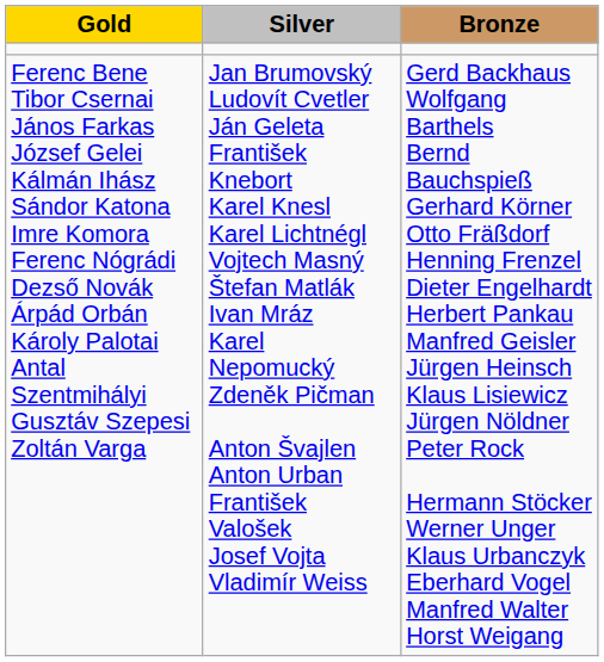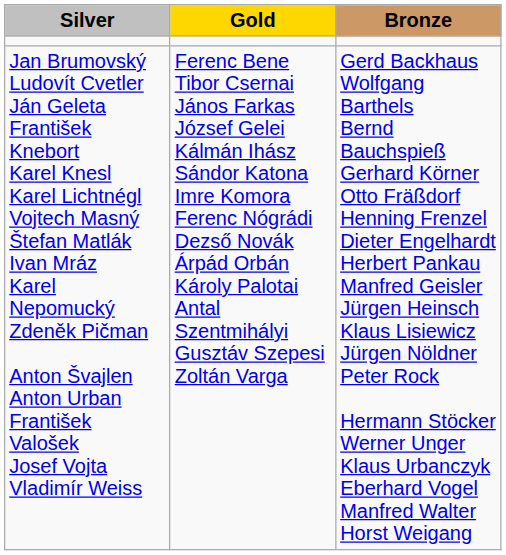 <table class="wikitable">
 <tr style="text-align:center;">
+<td ! style="background:silver; width:125px;"><strong>Silver</strong></td>
 <td ! style="background:gold; width:125px;"><strong>Gold</strong></td>
-<td ! style="background:silver; width:125px;"><strong>Silver</strong></td>
 <td ! style="background:#c96; width:125px;"><strong>Bronze</strong></td>
 </tr>
 <tr>
 <td></td>
 <td></td>
 <td></td>
 </tr>
 <tr>
+<td style="vertical-align:top"><a href='#'>Jan Brumovský</a><br> <a href='#'>Ludovít Cvetler</a><br> <a href='#'>Ján Geleta</a><br> <a href='#'>František Knebort</a><br> <a href='#'>Karel Knesl</a><br> <a href='#'>Karel Lichtnégl</a><br> <a href='#'>Vojtech Masný</a><br> <a href='#'>Štefan Matlák</a><br> <a href='#'>Ivan Mráz</a><br> <a href='#'>Karel Nepomucký</a><br> <a href='#'>Zdeněk Pičman</a><br> <br> <a href='#'>Anton Švajlen</a><br> <a href='#'>Anton Urban</a><br> <a href='#'>František Valošek</a><br> <a href='#'>Josef Vojta</a><br> <a href='#'>Vladimír Weiss</a></td>
 <td style="vertical-align:top"><a href='#'>Ferenc Bene</a><br> <a href='#'>Tibor Csernai</a><br> <a href='#'>János Farkas</a><br> <a href='#'>József Gelei</a><br> <a href='#'>Kálmán Ihász</a><br> <a href='#'>Sándor Katona</a><br> <a href='#'>Imre Komora</a><br> <a href='#'>Ferenc Nógrádi</a><br> <a href='#'>Dezső Novák</a><br> <a href='#'>Árpád Orbán</a><br> <a href='#'>Károly Palotai</a><br> <a href='#'>Antal Szentmihályi</a><br> <a href='#'>Gusztáv Szepesi</a><br> <a href='#'>Zoltán Varga</a></td>
-<td style="vertical-align:top"><a href='#'>Jan Brumovský</a><br> <a href='#'>Ludovít Cvetler</a><br> <a href='#'>Ján Geleta</a><br> <a href='#'>František Knebort</a><br> <a href='#'>Karel Knesl</a><br> <a href='#'>Karel Lichtnégl</a><br> <a href='#'>Vojtech Masný</a><br> <a href='#'>Štefan Matlák</a><br> <a href='#'>Ivan Mráz</a><br> <a href='#'>Karel Nepomucký</a><br> <a href='#'>Zdeněk Pičman</a><br> <br> <a href='#'>Anton Švajlen</a><br> <a href='#'>Anton Urban</a><br> <a href='#'>František Valošek</a><br> <a href='#'>Josef Vojta</a><br> <a href='#'>Vladimír Weiss</a></td>
 <td style="vertical-align:top"><a href='#'>Gerd Backhaus</a><br> <a href='#'>Wolfgang Barthels</a><br> <a href='#'>Bernd Bauchspieß</a><br> <a href='#'>Gerhard Körner</a><br> <a href='#'>Otto Fräßdorf</a><br> <a href='#'>Henning Frenzel</a><br> <a href='#'>Dieter Engelhardt</a><br> <a href='#'>Herbert Pankau</a><br> <a href='#'>Manfred Geisler</a><br> <a href='#'>Jürgen Heinsch</a><br> <a href='#'>Klaus Lisiewicz</a><br> <a href='#'>Jürgen Nöldner</a><br> <a href='#'>Peter Rock</a><br> <br> <a href='#'>Hermann Stöcker</a><br> <a href='#'>Werner Unger</a><br> <a href='#'>Klaus Urbanczyk</a><br> <a href='#'>Eberhard Vogel</a><br> <a href='#'>Manfred Walter</a><br> <a href='#'>Horst Weigang</a></td>
 </tr>
 </table>
